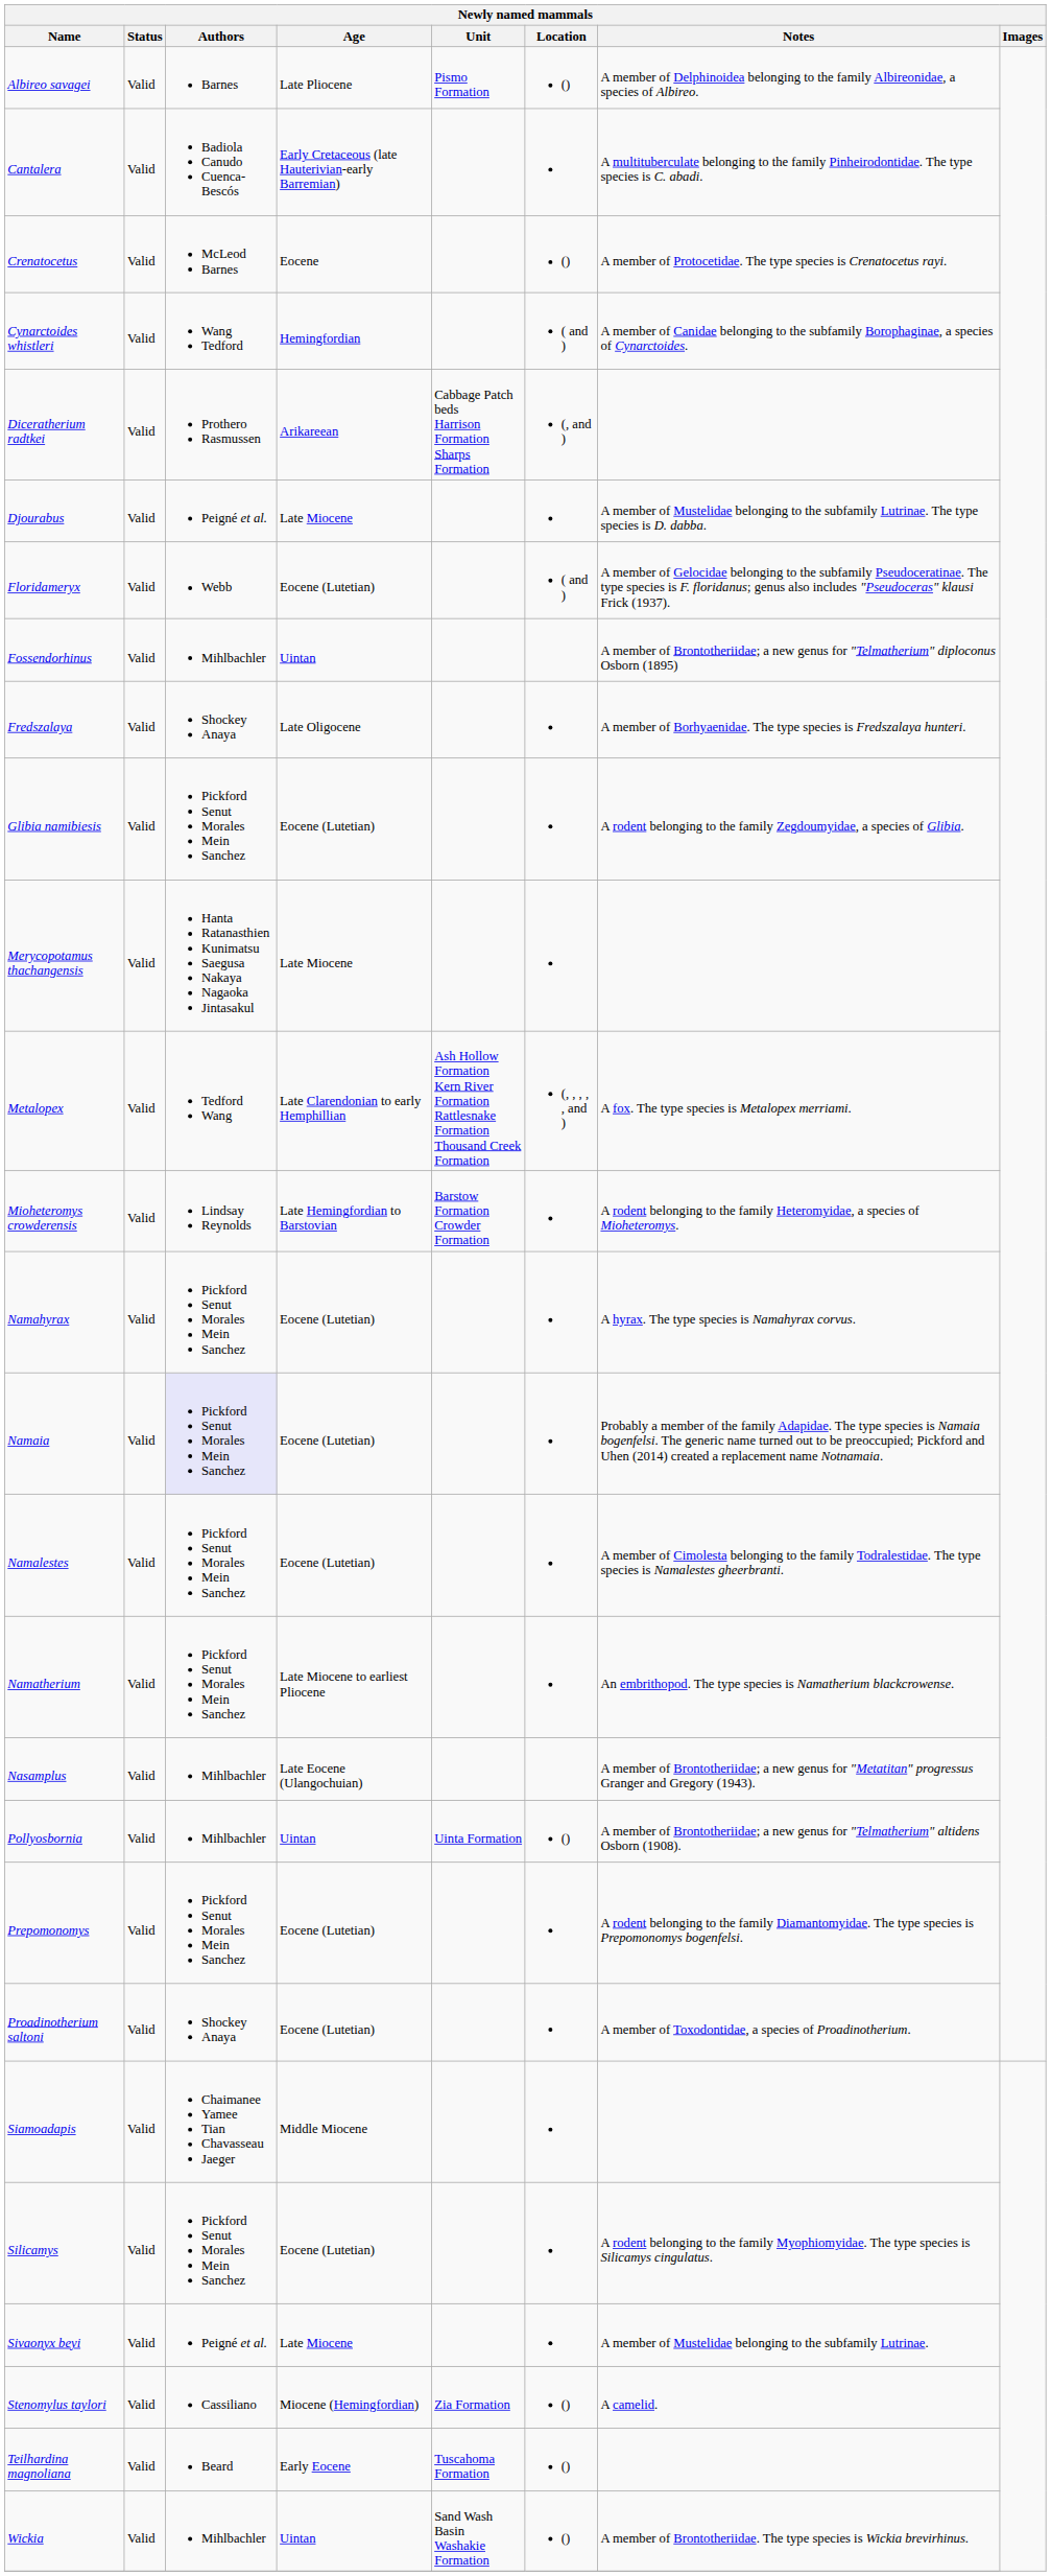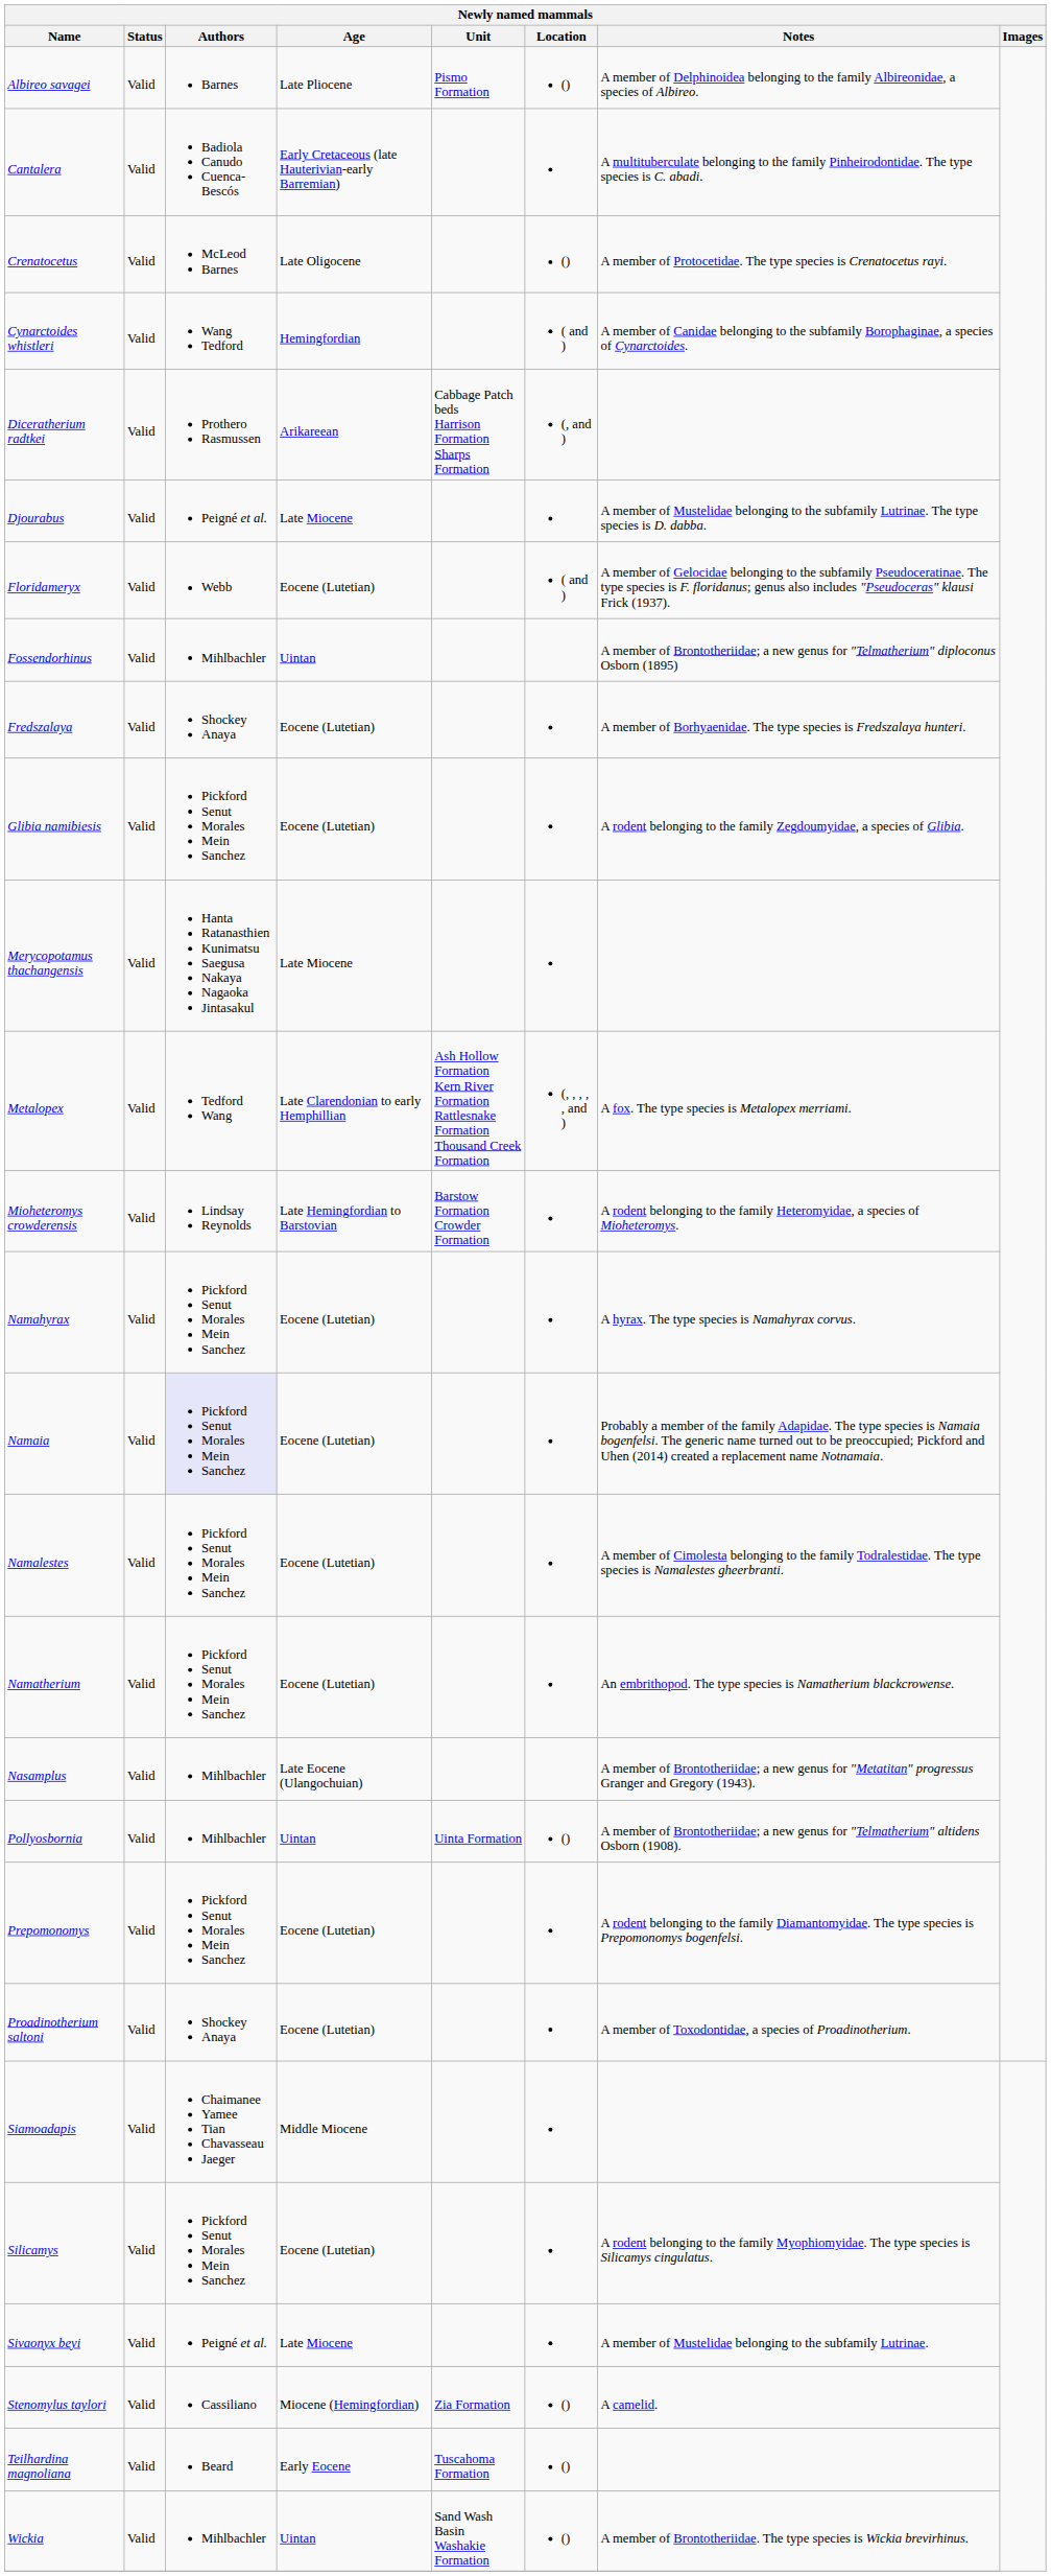 <table class="wikitable sortable" align="center" width="100%">
 <tr>
 <th colspan="8" align="center"><strong>Newly named mammals</strong></th>
 </tr>
 <tr>
 <th>Name</th>
 <th>Status</th>
 <th>Authors</th>
 <th>Age</th>
 <th>Unit</th>
 <th>Location</th>
 <th>Notes</th>
 <th>Images</th>
 </tr>
 <tr>
 <td><br><em><a href='#'>Albireo savagei</a></em></td>
 <td><br>Valid</td>
 <td><br><ul><li>Barnes</li></ul></td>
 <td><br>Late Pliocene</td>
 <td><br><a href='#'>Pismo Formation</a></td>
 <td><br><ul><li> ()</li></ul></td>
 <td><br>A member of <a href='#'>Delphinoidea</a> belonging to the family <a href='#'>Albireonidae</a>, a species of <em>Albireo</em>.</td>
 </tr>
 <tr>
 <td><br><em><a href='#'>Cantalera</a></em></td>
 <td><br>Valid</td>
 <td><br><ul><li>Badiola</li><li>Canudo</li><li>Cuenca-Bescós</li></ul></td>
 <td><br><a href='#'>Early Cretaceous</a> (late <a href='#'>Hauterivian</a>-early <a href='#'>Barremian</a>)</td>
 <td></td>
 <td><br><ul><li></li></ul></td>
 <td><br>A <a href='#'>multituberculate</a> belonging to the family <a href='#'>Pinheirodontidae</a>. The type species is <em>C. abadi</em>.</td>
 </tr>
 <tr>
 <td><br><em><a href='#'>Crenatocetus</a></em></td>
 <td><br>Valid</td>
 <td><br><ul><li>McLeod</li><li>Barnes</li></ul></td>
-<td><br>Eocene</td>
+<td><br>Late Oligocene</td>
 <td></td>
 <td><br><ul><li> ()</li></ul></td>
 <td><br>A member of <a href='#'>Protocetidae</a>. The type species is <em>Crenatocetus rayi</em>.</td>
 </tr>
 <tr>
 <td><br><em><a href='#'>Cynarctoides whistleri</a></em></td>
 <td><br>Valid</td>
 <td><br><ul><li>Wang</li><li>Tedford</li></ul></td>
 <td><br><a href='#'>Hemingfordian</a></td>
 <td></td>
 <td><br><ul><li> ( and )</li></ul></td>
 <td><br>A member of <a href='#'>Canidae</a> belonging to the subfamily <a href='#'>Borophaginae</a>, a species of <em><a href='#'>Cynarctoides</a></em>.</td>
 </tr>
 <tr>
 <td><br><em><a href='#'>Diceratherium radtkei</a></em></td>
 <td><br>Valid</td>
 <td><br><ul><li>Prothero</li><li>Rasmussen</li></ul></td>
 <td><br><a href='#'>Arikareean</a></td>
 <td><br>Cabbage Patch beds<br> <a href='#'>Harrison Formation</a><br> <a href='#'>Sharps Formation</a></td>
 <td><br><ul><li> (,  and )</li></ul></td>
 <td></td>
 </tr>
 <tr>
 <td><br><em><a href='#'>Djourabus</a></em></td>
 <td><br>Valid</td>
 <td><br><ul><li>Peigné <em>et al.</em></li></ul></td>
 <td><br>Late <a href='#'>Miocene</a></td>
 <td></td>
 <td><br><ul><li></li></ul></td>
 <td><br>A member of <a href='#'>Mustelidae</a> belonging to the subfamily <a href='#'>Lutrinae</a>. The type species is <em>D. dabba</em>.</td>
 </tr>
 <tr>
 <td><br><em><a href='#'>Floridameryx</a></em></td>
 <td><br>Valid</td>
 <td><br><ul><li>Webb</li></ul></td>
 <td><br>Eocene (Lutetian)</td>
 <td></td>
 <td><br><ul><li> ( and )</li></ul></td>
 <td><br>A member of <a href='#'>Gelocidae</a> belonging to the subfamily <a href='#'>Pseudoceratinae</a>. The type species is <em>F. floridanus</em>; genus also includes <em>"<a href='#'>Pseudoceras</a>" klausi</em> Frick (1937).</td>
 </tr>
 <tr>
 <td><br><em><a href='#'>Fossendorhinus</a></em></td>
 <td><br>Valid</td>
 <td><br><ul><li>Mihlbachler</li></ul></td>
 <td><br><a href='#'>Uintan</a></td>
 <td></td>
 <td></td>
 <td><br>A member of <a href='#'>Brontotheriidae</a>; a new genus for <em>"<a href='#'>Telmatherium</a>" diploconus</em> Osborn (1895)</td>
 </tr>
 <tr>
 <td><br><em><a href='#'>Fredszalaya</a></em></td>
 <td><br>Valid</td>
 <td><br><ul><li>Shockey</li><li>Anaya</li></ul></td>
-<td><br>Late Oligocene</td>
+<td><br>Eocene (Lutetian)</td>
 <td></td>
 <td><br><ul><li></li></ul></td>
 <td><br>A member of <a href='#'>Borhyaenidae</a>. The type species is <em>Fredszalaya hunteri</em>.</td>
 </tr>
 <tr>
 <td><br><em><a href='#'>Glibia namibiesis</a></em></td>
 <td><br>Valid</td>
 <td><br><ul><li>Pickford</li><li>Senut</li><li>Morales</li><li>Mein</li><li>Sanchez</li></ul></td>
 <td><br>Eocene (Lutetian)</td>
 <td></td>
 <td><br><ul><li></li></ul></td>
 <td><br>A <a href='#'>rodent</a> belonging to the family <a href='#'>Zegdoumyidae</a>, a species of <em><a href='#'>Glibia</a></em>.</td>
 </tr>
 <tr>
 <td><br><em><a href='#'>Merycopotamus thachangensis</a></em></td>
 <td><br>Valid</td>
 <td><br><ul><li>Hanta</li><li>Ratanasthien</li><li>Kunimatsu</li><li>Saegusa</li><li>Nakaya</li><li>Nagaoka</li><li>Jintasakul</li></ul></td>
 <td><br>Late Miocene</td>
 <td></td>
 <td><br><ul><li></li></ul></td>
 <td></td>
 </tr>
 <tr>
 <td><br><em><a href='#'>Metalopex</a></em></td>
 <td><br>Valid</td>
 <td><br><ul><li>Tedford</li><li>Wang</li></ul></td>
 <td><br>Late <a href='#'>Clarendonian</a> to early <a href='#'>Hemphillian</a></td>
 <td><br><a href='#'>Ash Hollow Formation</a><br> <a href='#'>Kern River Formation</a><br> <a href='#'>Rattlesnake Formation</a><br> <a href='#'>Thousand Creek Formation</a></td>
 <td><br><ul><li> (, , , , ,  and )</li></ul></td>
 <td><br>A <a href='#'>fox</a>. The type species is <em>Metalopex merriami</em>.</td>
 </tr>
 <tr>
 <td><br><em><a href='#'>Mioheteromys crowderensis</a></em></td>
 <td><br>Valid</td>
 <td><br><ul><li>Lindsay</li><li>Reynolds</li></ul></td>
 <td><br>Late <a href='#'>Hemingfordian</a> to <a href='#'>Barstovian</a></td>
 <td><br><a href='#'>Barstow Formation</a><br> <a href='#'>Crowder Formation</a></td>
 <td><br><ul><li></li></ul></td>
 <td><br>A <a href='#'>rodent</a> belonging to the family <a href='#'>Heteromyidae</a>, a species of <em><a href='#'>Mioheteromys</a></em>.</td>
 </tr>
 <tr>
 <td><br><em><a href='#'>Namahyrax</a></em></td>
 <td><br>Valid</td>
 <td><br><ul><li>Pickford</li><li>Senut</li><li>Morales</li><li>Mein</li><li>Sanchez</li></ul></td>
 <td><br>Eocene (Lutetian)</td>
 <td></td>
 <td><br><ul><li></li></ul></td>
 <td><br>A <a href='#'>hyrax</a>. The type species is <em>Namahyrax corvus</em>.</td>
 </tr>
 <tr>
 <td><br><em><a href='#'>Namaia</a></em></td>
 <td><br>Valid</td>
 <td style="background: lavender;"><br><ul><li>Pickford</li><li>Senut</li><li>Morales</li><li>Mein</li><li>Sanchez</li></ul></td>
 <td><br>Eocene (Lutetian)</td>
 <td></td>
 <td><br><ul><li></li></ul></td>
 <td><br>Probably a member of the family <a href='#'>Adapidae</a>. The type species is <em>Namaia bogenfelsi</em>. The generic name turned out to be preoccupied; Pickford and Uhen (2014) created a replacement name <em>Notnamaia</em>.</td>
 </tr>
 <tr>
 <td><br><em><a href='#'>Namalestes</a></em></td>
 <td><br>Valid</td>
 <td><br><ul><li>Pickford</li><li>Senut</li><li>Morales</li><li>Mein</li><li>Sanchez</li></ul></td>
 <td><br>Eocene (Lutetian)</td>
 <td></td>
 <td><br><ul><li></li></ul></td>
 <td><br>A member of <a href='#'>Cimolesta</a> belonging to the family <a href='#'>Todralestidae</a>. The type species is <em>Namalestes gheerbranti</em>.</td>
 </tr>
 <tr>
 <td><br><em><a href='#'>Namatherium</a></em></td>
 <td><br>Valid</td>
 <td><br><ul><li>Pickford</li><li>Senut</li><li>Morales</li><li>Mein</li><li>Sanchez</li></ul></td>
-<td><br>Late Miocene to earliest Pliocene</td>
+<td><br>Eocene (Lutetian)</td>
 <td></td>
 <td><br><ul><li></li></ul></td>
 <td><br>An <a href='#'>embrithopod</a>. The type species is <em>Namatherium blackcrowense</em>.</td>
 </tr>
 <tr>
 <td><br><em><a href='#'>Nasamplus</a></em></td>
 <td><br>Valid</td>
 <td><br><ul><li>Mihlbachler</li></ul></td>
 <td><br>Late Eocene (Ulangochuian)</td>
 <td></td>
 <td></td>
 <td><br>A member of <a href='#'>Brontotheriidae</a>; a new genus for <em>"<a href='#'>Metatitan</a>" progressus</em> Granger and Gregory (1943).</td>
 </tr>
 <tr>
 <td><br><em><a href='#'>Pollyosbornia</a></em></td>
 <td><br>Valid</td>
 <td><br><ul><li>Mihlbachler</li></ul></td>
 <td><br><a href='#'>Uintan</a></td>
 <td><br><a href='#'>Uinta Formation</a></td>
 <td><br><ul><li> ()</li></ul></td>
 <td><br>A member of <a href='#'>Brontotheriidae</a>; a new genus for <em>"<a href='#'>Telmatherium</a>" altidens</em> Osborn (1908).</td>
 </tr>
 <tr>
 <td><br><em><a href='#'>Prepomonomys</a></em></td>
 <td><br>Valid</td>
 <td><br><ul><li>Pickford</li><li>Senut</li><li>Morales</li><li>Mein</li><li>Sanchez</li></ul></td>
 <td><br>Eocene (Lutetian)</td>
 <td></td>
 <td><br><ul><li></li></ul></td>
 <td><br>A <a href='#'>rodent</a> belonging to the family <a href='#'>Diamantomyidae</a>. The type species is <em>Prepomonomys bogenfelsi</em>.</td>
 </tr>
 <tr>
 <td><br><em><a href='#'>Proadinotherium saltoni</a></em></td>
 <td><br>Valid</td>
 <td><br><ul><li>Shockey</li><li>Anaya</li></ul></td>
 <td><br>Eocene (Lutetian)</td>
 <td></td>
 <td><br><ul><li></li></ul></td>
 <td><br>A member of <a href='#'>Toxodontidae</a>, a species of <em>Proadinotherium</em>.</td>
 </tr>
 <tr>
 <td><br><em><a href='#'>Siamoadapis</a></em></td>
 <td><br>Valid</td>
 <td><br><ul><li>Chaimanee</li><li>Yamee</li><li>Tian</li><li>Chavasseau</li><li>Jaeger</li></ul></td>
 <td><br>Middle Miocene</td>
 <td></td>
 <td><br><ul><li></li></ul></td>
 <td></td>
 <td rowspan="34"></td>
 </tr>
 <tr>
 <td><br><em><a href='#'>Silicamys</a></em></td>
 <td><br>Valid</td>
 <td><br><ul><li>Pickford</li><li>Senut</li><li>Morales</li><li>Mein</li><li>Sanchez</li></ul></td>
 <td><br>Eocene (Lutetian)</td>
 <td></td>
 <td><br><ul><li></li></ul></td>
 <td><br>A <a href='#'>rodent</a> belonging to the family <a href='#'>Myophiomyidae</a>. The type species is <em>Silicamys cingulatus</em>.</td>
 </tr>
 <tr>
 <td><br><em><a href='#'>Sivaonyx beyi</a></em></td>
 <td><br>Valid</td>
 <td><br><ul><li>Peigné <em>et al.</em></li></ul></td>
 <td><br>Late <a href='#'>Miocene</a></td>
 <td></td>
 <td><br><ul><li></li></ul></td>
 <td><br>A member of <a href='#'>Mustelidae</a> belonging to the subfamily <a href='#'>Lutrinae</a>.</td>
 </tr>
 <tr>
 <td><br><em><a href='#'>Stenomylus taylori</a></em></td>
 <td><br>Valid</td>
 <td><br><ul><li>Cassiliano</li></ul></td>
 <td><br>Miocene (<a href='#'>Hemingfordian</a>)</td>
 <td><br><a href='#'>Zia Formation</a></td>
 <td><br><ul><li> ()</li></ul></td>
 <td><br>A <a href='#'>camelid</a>.</td>
 </tr>
 <tr>
 <td><br><em><a href='#'>Teilhardina magnoliana</a></em></td>
 <td><br>Valid</td>
 <td><br><ul><li>Beard</li></ul></td>
 <td><br>Early <a href='#'>Eocene</a></td>
 <td><br><a href='#'>Tuscahoma Formation</a></td>
 <td><br><ul><li> ()</li></ul></td>
 <td></td>
 </tr>
 <tr>
 <td><br><em><a href='#'>Wickia</a></em></td>
 <td><br>Valid</td>
 <td><br><ul><li>Mihlbachler</li></ul></td>
 <td><br><a href='#'>Uintan</a></td>
 <td><br>Sand Wash Basin<br> <a href='#'>Washakie Formation</a></td>
 <td><br><ul><li> ()</li></ul></td>
 <td><br>A member of <a href='#'>Brontotheriidae</a>. The type species is <em>Wickia brevirhinus</em>.</td>
 </tr>
 <tr>
 </tr>
 </table>
